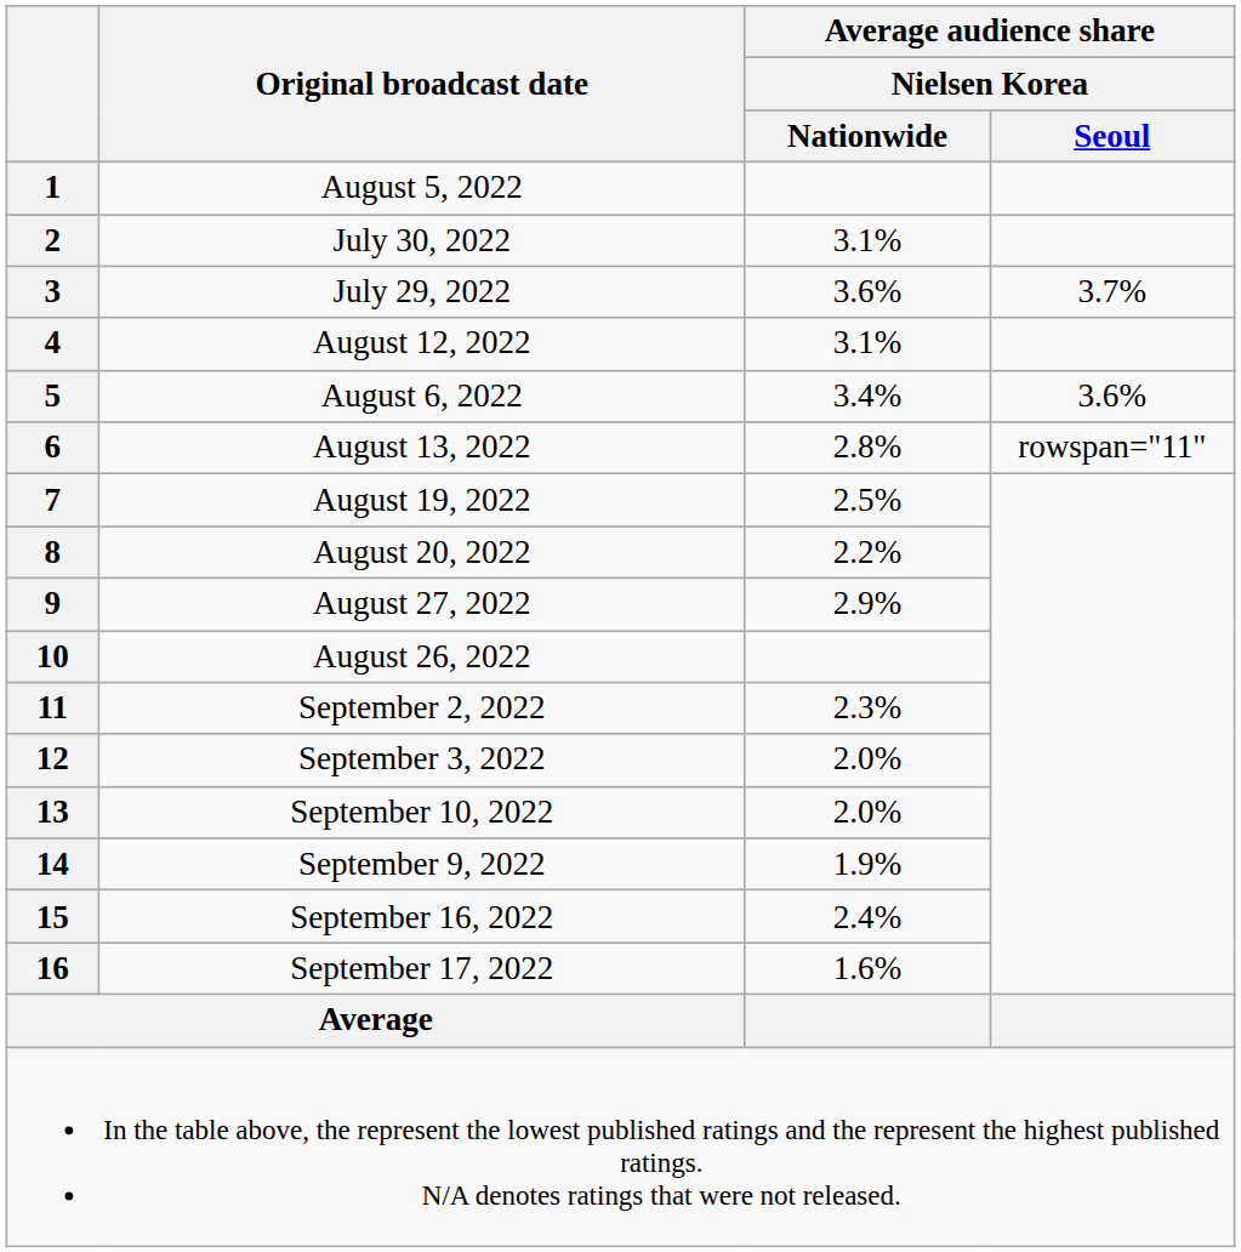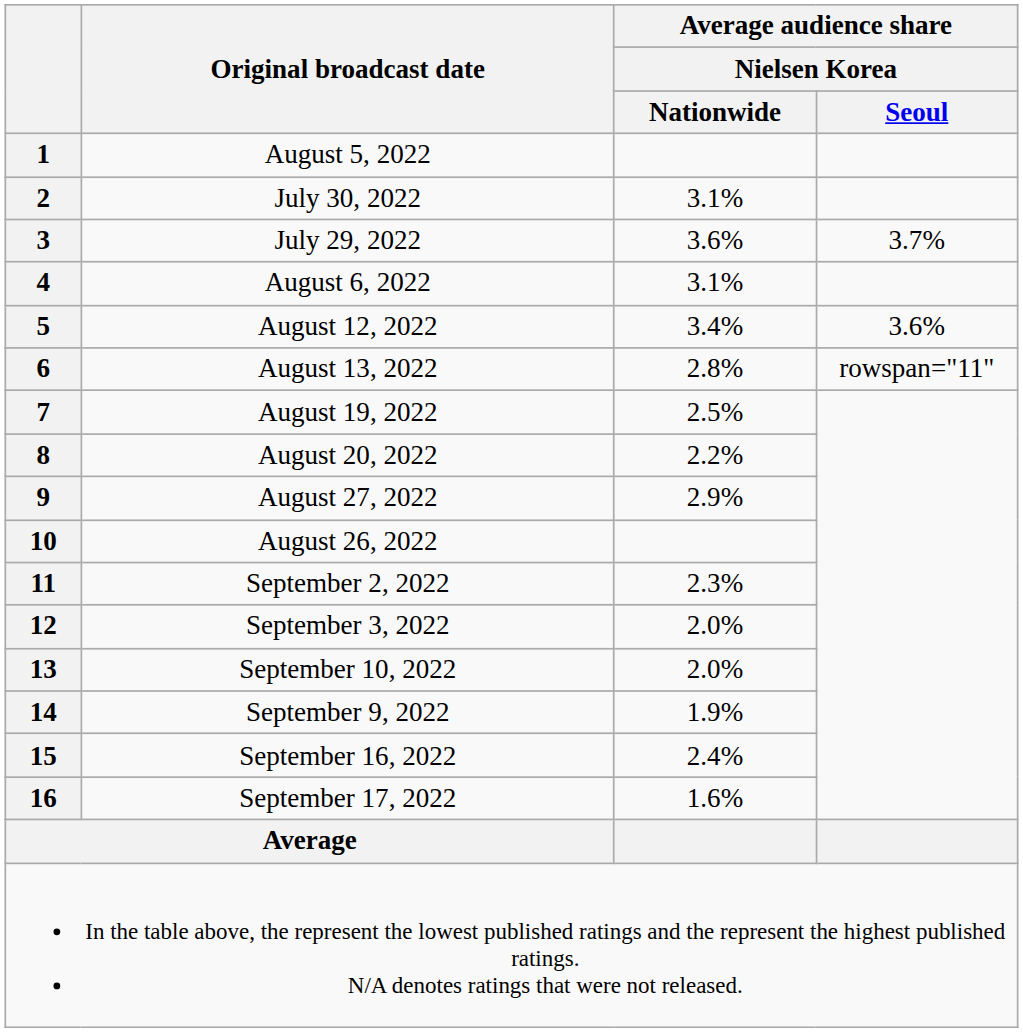 <table class="wikitable" style="text-align:center; max-width:600px; margin-left:auto; margin-right:auto">
 <tr>
 <th scope="col" rowspan="3"></th>
 <th scope="col" rowspan="3">Original broadcast date</th>
 <th scope="col" colspan="2">Average audience share</th>
 </tr>
 <tr>
 <th scope="col" colspan="2">Nielsen Korea</th>
 </tr>
 <tr>
 <th scope="col" style="width:7em">Nationwide</th>
 <th scope="col" style="width:7em"><a href='#'>Seoul</a></th>
 </tr>
 <tr>
 <th scope="col">1</th>
 <td>August 5, 2022</td>
 <td><strong></strong> </td>
 <td><strong></strong> </td>
 </tr>
 <tr>
 <th scope="col">2</th>
 <td>July 30, 2022</td>
 <td>3.1% </td>
 <td></td>
 </tr>
 <tr>
 <th scope="col">3</th>
 <td>July 29, 2022</td>
 <td>3.6% </td>
 <td>3.7% </td>
 </tr>
 <tr>
 <th scope="col">4</th>
-<td>August 12, 2022</td>
+<td>August 6, 2022</td>
 <td>3.1% </td>
 <td><strong></strong> </td>
 </tr>
 <tr>
 <th scope="col">5</th>
-<td>August 6, 2022</td>
+<td>August 12, 2022</td>
 <td>3.4% </td>
 <td>3.6% </td>
 </tr>
 <tr>
 <th scope="col">6</th>
 <td>August 13, 2022</td>
 <td>2.8% </td>
 <td>rowspan="11" </td>
 </tr>
 <tr>
 <th scope="col">7</th>
 <td>August 19, 2022</td>
 <td>2.5% </td>
 </tr>
 <tr>
 <th scope="col">8</th>
 <td>August 20, 2022</td>
 <td>2.2% </td>
 </tr>
 <tr>
 <th scope="col">9</th>
 <td>August 27, 2022</td>
 <td>2.9% </td>
 </tr>
 <tr>
 <th scope="col">10</th>
 <td>August 26, 2022</td>
 <td><strong></strong> </td>
 </tr>
 <tr>
 <th scope="col">11</th>
 <td>September 2, 2022</td>
 <td>2.3% </td>
 </tr>
 <tr>
 <th scope="col">12</th>
 <td>September 3, 2022</td>
 <td>2.0% </td>
 </tr>
 <tr>
 <th scope="col">13</th>
 <td>September 10, 2022</td>
 <td>2.0% </td>
 </tr>
 <tr>
 <th scope="col">14</th>
 <td>September 9, 2022</td>
 <td>1.9% </td>
 </tr>
 <tr>
 <th scope="col">15</th>
 <td>September 16, 2022</td>
 <td>2.4% </td>
 </tr>
 <tr>
 <th scope="col">16</th>
 <td>September 17, 2022</td>
 <td>1.6% </td>
 </tr>
 <tr>
 <th scope="col" colspan="2">Average</th>
 <th scope="col"></th>
 <th scope="col"></th>
 </tr>
 <tr>
 <td colspan="5" style="font-size:85%"><br><ul><li>In the table above, the <strong></strong> represent the lowest published ratings and the <strong></strong> represent the highest published ratings.</li><li>N/A denotes ratings that were not released.</li></ul></td>
 </tr>
 </table>
